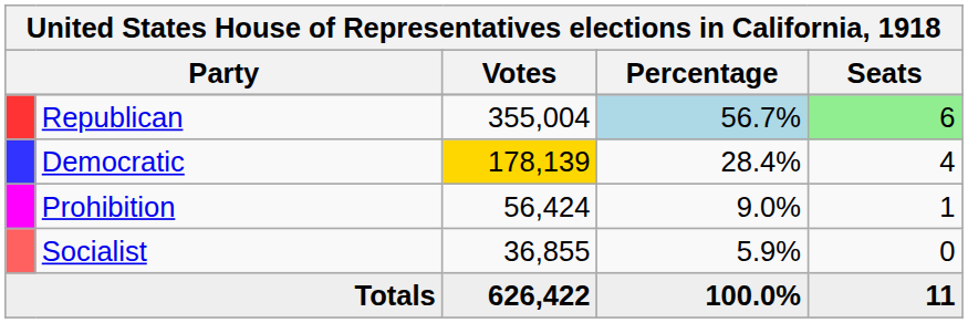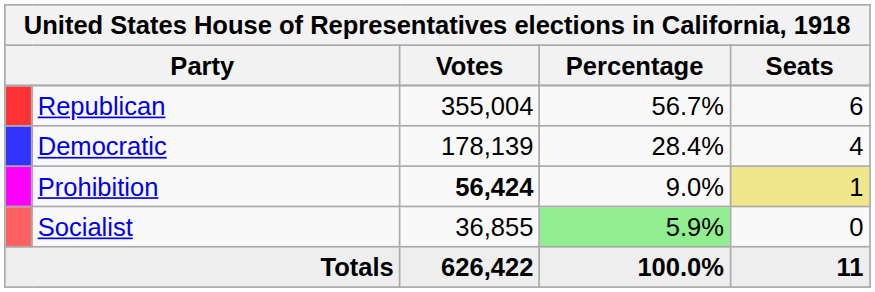 <table class="wikitable" style="font-size: 95%;">
 <tr>
 <th colspan="6">United States House of Representatives elections in California, 1918</th>
 </tr>
 <tr>
 <th colspan=2 style="width: 15em">Party</th>
 <th style="width: 5em">Votes</th>
 <th style="width: 7em">Percentage</th>
 <th style="width: 5em">Seats</th>
 </tr>
 <tr>
 </tr>
 <tr>
 <th style="background-color:#FF3333; width: 3px"></th>
 <td style="width: 130px"><a href='#'>Republican</a></td>
 <td align="right">355,004</td>
-<td align="right" style="background: lightblue;">56.7%</td>
-<td align="right" style="background: lightgreen;">6</td>
+<td align="right">56.7%</td>
+<td align="right">6</td>
 </tr>
 <tr>
 <th style="background-color:#3333FF; width: 3px"></th>
 <td style="width: 130px"><a href='#'>Democratic</a></td>
-<td align="right" style="background: gold;">178,139</td>
+<td align="right">178,139</td>
 <td align="right">28.4%</td>
 <td align="right">4</td>
 </tr>
 <tr>
 <th style="background-color:#FF00FF; width: 3px"></th>
 <td style="width: 130px"><a href='#'>Prohibition</a></td>
-<td align="right">56,424</td>
+<td align="right"><strong>56,424</strong></td>
 <td align="right">9.0%</td>
-<td align="right">1</td>
+<td align="right" style="background: khaki;">1</td>
 </tr>
 <tr>
 <th style="background-color:#FF6060; width: 3px"></th>
 <td style="width: 130px"><a href='#'>Socialist</a></td>
 <td align="right">36,855</td>
-<td align="right">5.9%</td>
+<td align="right" style="background: lightgreen;">5.9%</td>
 <td align="right">0</td>
 </tr>
 <tr bgcolor="#EEEEEE">
 <td colspan="2" align="right"><strong>Totals</strong></td>
 <td align="right"><strong>626,422</strong></td>
 <td align="right"><strong>100.0%</strong></td>
 <td align="right"><strong>11</strong></td>
 </tr>
 </table>
